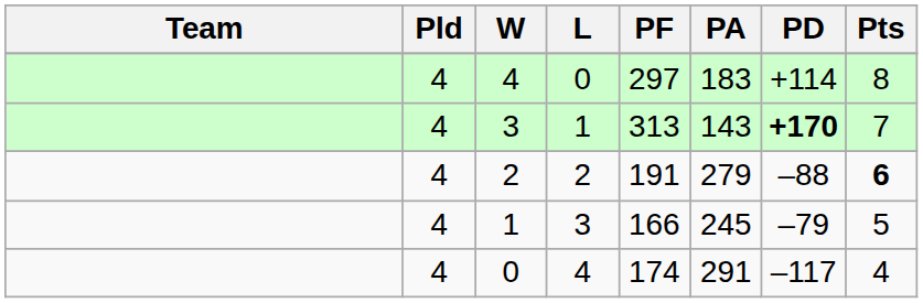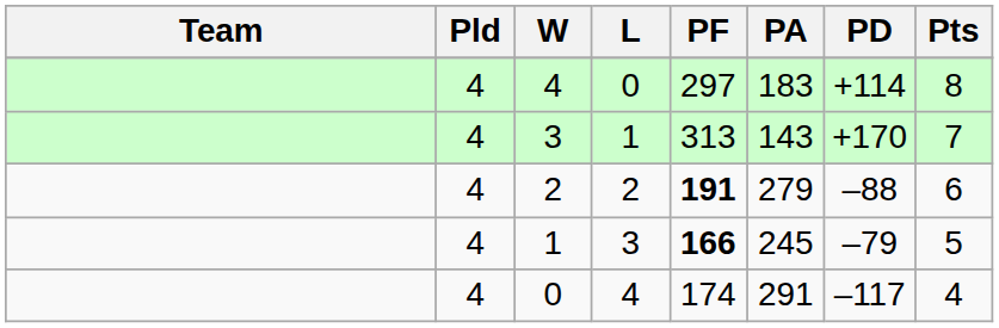 <table class="wikitable" style="text-align:center;">
 <tr>
 <th width=200>Team</th>
 <th width=30>Pld</th>
 <th width=30>W</th>
 <th width=30>L</th>
 <th width=30>PF</th>
 <th width=30>PA</th>
 <th width=30>PD</th>
 <th width=30>Pts</th>
 </tr>
 <tr>
 </tr>
 <tr bgcolor="#ccffcc">
 <td align=left></td>
 <td>4</td>
 <td>4</td>
 <td>0</td>
 <td>297</td>
 <td>183</td>
 <td>+114</td>
 <td>8</td>
 </tr>
 <tr bgcolor="#ccffcc">
 <td align=left></td>
 <td>4</td>
 <td>3</td>
 <td>1</td>
 <td>313</td>
 <td>143</td>
-<td><strong>+170</strong></td>
+<td>+170</td>
 <td>7</td>
 </tr>
 <tr>
 <td align=left></td>
 <td>4</td>
 <td>2</td>
 <td>2</td>
-<td>191</td>
+<td><strong>191</strong></td>
 <td>279</td>
 <td>–88</td>
-<td><strong>6</strong></td>
+<td>6</td>
 </tr>
 <tr>
 <td align=left></td>
 <td>4</td>
 <td>1</td>
 <td>3</td>
-<td>166</td>
+<td><strong>166</strong></td>
 <td>245</td>
 <td>–79</td>
 <td>5</td>
 </tr>
 <tr>
 <td align=left></td>
 <td>4</td>
 <td>0</td>
 <td>4</td>
 <td>174</td>
 <td>291</td>
 <td>–117</td>
 <td>4</td>
 </tr>
 </table>
